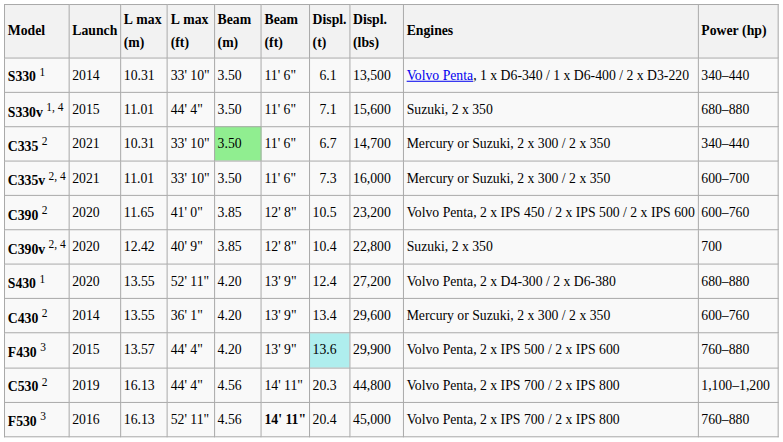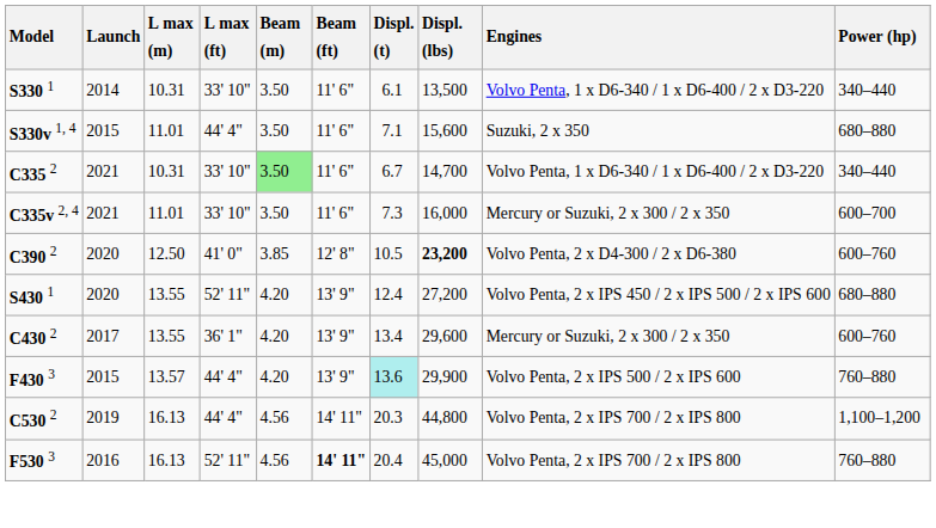 <table class="wikitable" style="text-align:left;font-size:85%;line-height:170%;">
 <tr>
 <td style="width: 35pt;background: #f2f2f2"><strong>Model</strong></td>
 <td style="width: 30pt;background: #f2f2f2"><strong>Launch</strong></td>
 <td style="width: 30pt;background: #f2f2f2"><strong>L max (m)</strong></td>
 <td style="width: 30pt;background: #f2f2f2"><strong>L max (ft)</strong></td>
 <td style="width: 30pt;background: #f2f2f2"><strong>Beam (m)</strong></td>
 <td style="width: 30pt;background: #f2f2f2"><strong>Beam (ft)</strong></td>
 <td style="width: 25pt;background: #f2f2f2"><strong>Displ.<br>(t)</strong></td>
 <td style="width: 35pt;background: #f2f2f2"><strong>Displ. (lbs)</strong></td>
 <td style="width: 210pt;background: #f2f2f2"><strong>Engines</strong></td>
 <td style="width: 55pt;background: #f2f2f2"><strong>Power (hp)</strong></td>
 </tr>
 <tr>
 <td><strong>S330</strong> <sup>1</sup></td>
 <td>2014</td>
 <td>10.31</td>
 <td>33' 10"</td>
 <td>3.50</td>
 <td>11' 6"</td>
 <td>  6.1</td>
 <td>13,500</td>
 <td><a href='#'>Volvo&nbsp;Penta</a>, 1 x D6-340 / 1 x D6-400 / 2 x D3-220</td>
 <td>340–440</td>
 </tr>
 <tr>
 <td><strong>S330v</strong> <sup>1, 4</sup></td>
 <td>2015</td>
 <td>11.01</td>
 <td>44' 4"</td>
 <td>3.50</td>
 <td>11' 6"</td>
 <td>  7.1</td>
 <td>15,600</td>
 <td>Suzuki, 2 x 350</td>
 <td>680–880</td>
 </tr>
 <tr>
 <td><strong>C335</strong> <sup>2</sup></td>
 <td>2021</td>
 <td>10.31</td>
 <td>33' 10"</td>
 <td style="background: lightgreen;">3.50</td>
 <td>11' 6"</td>
 <td>  6.7</td>
 <td>14,700</td>
-<td>Mercury or Suzuki, 2 x 300 / 2 x 350</td>
+<td>Volvo Penta, 1 x D6-340 / 1 x D6-400 / 2 x D3-220</td>
 <td>340–440</td>
 </tr>
 <tr>
 <td><strong>C335v</strong> <sup>2, 4</sup></td>
 <td>2021</td>
 <td>11.01</td>
 <td>33' 10"</td>
 <td>3.50</td>
 <td>11' 6"</td>
 <td>  7.3</td>
 <td>16,000</td>
 <td>Mercury or Suzuki, 2 x 300 / 2 x 350</td>
 <td>600–700</td>
 </tr>
 <tr>
 <td><strong>C390</strong> <sup>2</sup></td>
 <td>2020</td>
-<td>11.65</td>
+<td>12.50</td>
 <td>41' 0"</td>
 <td>3.85</td>
 <td>12' 8"</td>
 <td>10.5</td>
-<td>23,200</td>
-<td>Volvo Penta, 2 x IPS 450 / 2 x IPS 500 / 2 x IPS 600</td>
+<td><strong>23,200</strong></td>
+<td>Volvo Penta, 2 x D4-300 / 2 x D6-380</td>
 <td>600–760</td>
-</tr>
-<tr>
-<td><strong>C390v</strong> <sup>2, 4</sup></td>
-<td>2020</td>
-<td>12.42</td>
-<td>40' 9"</td>
-<td>3.85</td>
-<td>12' 8"</td>
-<td>10.4</td>
-<td>22,800</td>
-<td>Suzuki, 2 x 350</td>
-<td>700</td>
 </tr>
 <tr>
 <td><strong>S430</strong> <sup>1</sup></td>
 <td>2020</td>
 <td>13.55</td>
 <td>52' 11"</td>
 <td>4.20</td>
 <td>13' 9"</td>
 <td>12.4</td>
 <td>27,200</td>
-<td>Volvo Penta, 2 x D4-300 / 2 x D6-380</td>
+<td>Volvo Penta, 2 x IPS 450 / 2 x IPS 500 / 2 x IPS 600</td>
 <td>680–880</td>
 </tr>
 <tr>
 <td><strong>C430</strong> <sup>2</sup></td>
-<td>2014</td>
+<td>2017</td>
 <td>13.55</td>
 <td>36' 1"</td>
 <td>4.20</td>
 <td>13' 9"</td>
 <td>13.4</td>
 <td>29,600</td>
 <td>Mercury or Suzuki, 2 x 300 / 2 x 350</td>
 <td>600–760</td>
 </tr>
 <tr>
 <td><strong>F430</strong> <sup>3</sup></td>
 <td>2015</td>
 <td>13.57</td>
 <td>44' 4"</td>
 <td>4.20</td>
 <td>13' 9"</td>
 <td style="background: paleturquoise;">13.6</td>
 <td>29,900</td>
 <td>Volvo Penta, 2 x IPS 500 / 2 x IPS 600</td>
 <td>760–880</td>
 </tr>
 <tr>
 <td><strong>C530</strong> <sup>2</sup></td>
 <td>2019</td>
 <td>16.13</td>
 <td>44' 4"</td>
 <td>4.56</td>
 <td>14' 11"</td>
 <td>20.3</td>
 <td>44,800</td>
 <td>Volvo Penta, 2 x IPS 700 / 2 x IPS 800</td>
 <td>1,100–1,200</td>
 </tr>
 <tr>
 <td><strong>F530</strong> <sup>3</sup></td>
 <td>2016</td>
 <td>16.13</td>
 <td>52' 11"</td>
 <td>4.56</td>
 <td><strong>14' 11"</strong></td>
 <td>20.4</td>
 <td>45,000</td>
 <td>Volvo Penta, 2 x IPS 700 / 2 x IPS 800</td>
 <td>760–880</td>
 </tr>
 </table>
